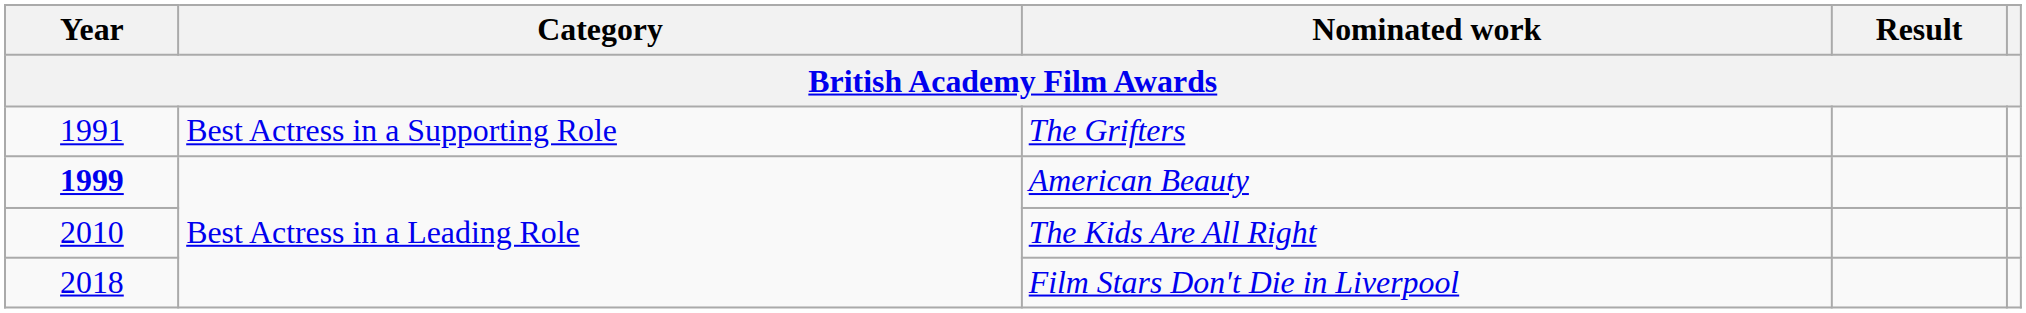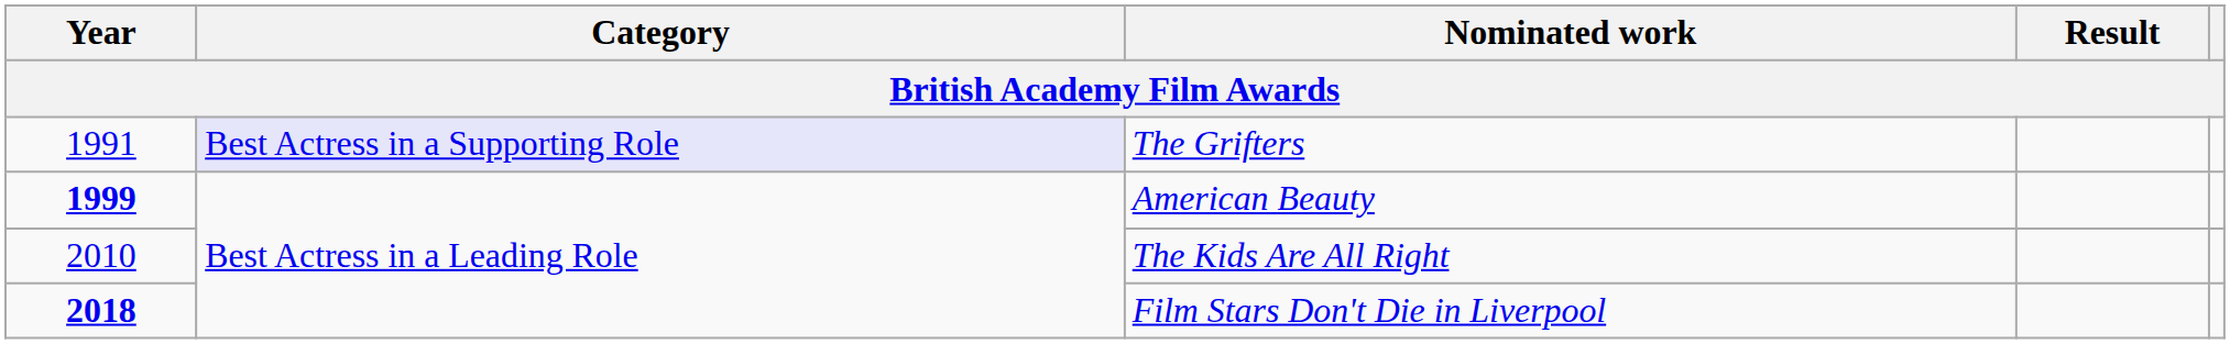 <table class=wikitable>
 <tr>
 <th scope="col" style="width:5em;">Year</th>
 <th scope="col" style="width:26em;">Category</th>
 <th scope="col" style="width:25em;">Nominated work</th>
 <th scope="col" style="width:5em;">Result</th>
 <th></th>
 </tr>
 <tr>
 <th colspan=5><a href='#'>British Academy Film Awards</a></th>
 </tr>
 <tr>
 <td style="text-align:center;"><a href='#'>1991</a></td>
-<td><a href='#'>Best Actress in a Supporting Role</a></td>
+<td style="background: lavender;"><a href='#'>Best Actress in a Supporting Role</a></td>
 <td><em><a href='#'>The Grifters</a></em></td>
 <td></td>
 <td style="text-align:center;"></td>
 </tr>
 <tr>
 <td style="text-align:center;"><strong><a href='#'>1999</a></strong></td>
 <td rowspan="3"><a href='#'>Best Actress in a Leading Role</a></td>
 <td><em><a href='#'>American Beauty</a></em></td>
 <td></td>
 <td style="text-align:center;"></td>
 </tr>
 <tr>
 <td style="text-align:center;"><a href='#'>2010</a></td>
 <td><em><a href='#'>The Kids Are All Right</a></em></td>
 <td></td>
 <td style="text-align:center;"></td>
 </tr>
 <tr>
-<td style="text-align:center;"><a href='#'>2018</a></td>
+<td style="text-align:center;"><strong><a href='#'>2018</a></strong></td>
 <td><em><a href='#'>Film Stars Don't Die in Liverpool</a></em></td>
 <td></td>
 <td style="text-align:center;"></td>
 </tr>
 </table>
